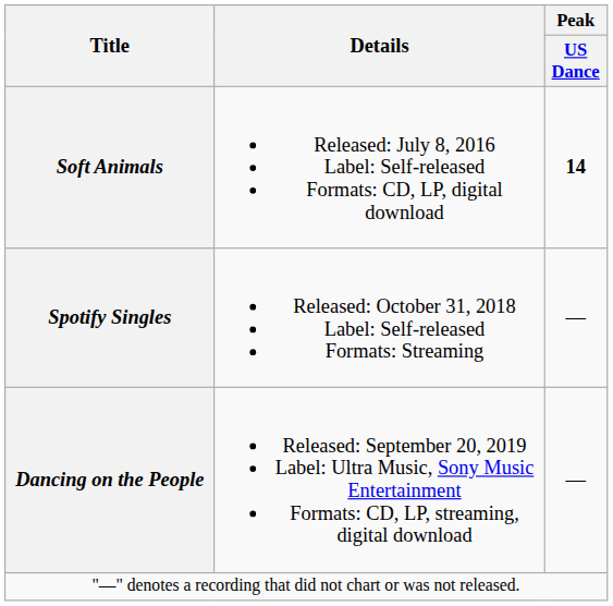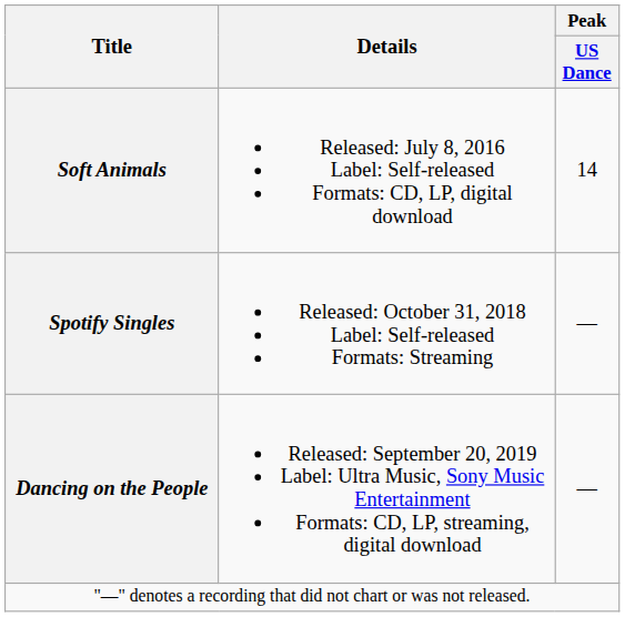 <table class="wikitable plainrowheaders" style="text-align:center;">
 <tr>
 <th rowspan="2" scope="col" style="width:10em;">Title</th>
 <th rowspan="2" scope="col" style="width:16em;">Details</th>
 <th scope="col" style="width:3em;font-size:90%;">Peak</th>
 </tr>
 <tr>
 <th scope="col" style="width:3em;font-size:90%;"><a href='#'>US<br>Dance</a><br></th>
 </tr>
 <tr>
 <th scope="row"><em>Soft Animals</em></th>
 <td><br><ul><li>Released: July 8, 2016</li><li>Label: Self-released</li><li>Formats: CD, LP, digital download</li></ul></td>
-<td><strong>14</strong></td>
+<td>14</td>
 </tr>
 <tr>
 <th scope="row"><em>Spotify Singles</em></th>
 <td><br><ul><li>Released: October 31, 2018</li><li>Label: Self-released</li><li>Formats: Streaming</li></ul></td>
 <td>—</td>
 </tr>
 <tr>
 <th scope="row"><em>Dancing on the People</em></th>
 <td><br><ul><li>Released: September 20, 2019</li><li>Label: Ultra Music, <a href='#'>Sony Music Entertainment</a></li><li>Formats: CD, LP, streaming, digital download</li></ul></td>
 <td>—</td>
 </tr>
 <tr>
 <td colspan="8" style="font-size:85%">"—" denotes a recording that did not chart or was not released.</td>
 </tr>
 </table>
